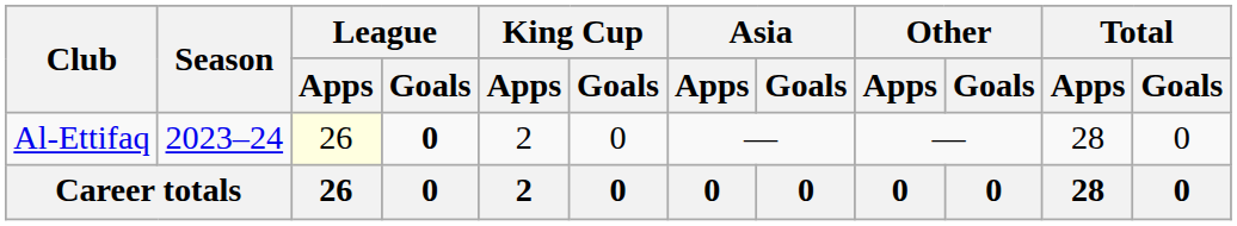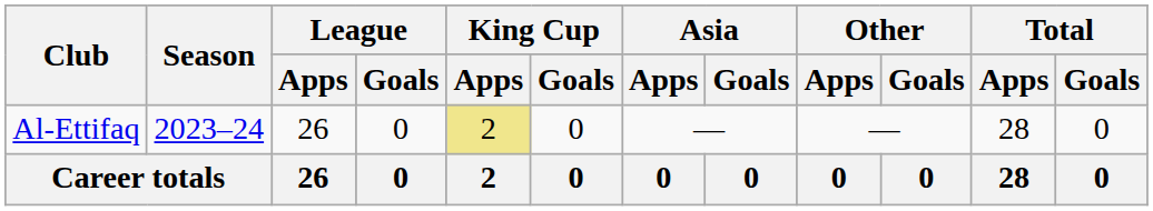 <table class="wikitable" style="text-align: center">
 <tr>
 <th rowspan=2>Club</th>
 <th rowspan=2>Season</th>
 <th colspan=2>League</th>
 <th colspan=2>King Cup</th>
 <th colspan=2>Asia</th>
 <th colspan=2>Other</th>
 <th colspan=2>Total</th>
 </tr>
 <tr>
 <th>Apps</th>
 <th>Goals</th>
 <th>Apps</th>
 <th>Goals</th>
 <th>Apps</th>
 <th>Goals</th>
 <th>Apps</th>
 <th>Goals</th>
 <th>Apps</th>
 <th>Goals</th>
 </tr>
 <tr>
 <td rowspan=1><a href='#'>Al-Ettifaq</a></td>
 <td><a href='#'>2023–24</a></td>
-<td style="background: lightyellow;">26</td>
-<td><strong>0</strong></td>
-<td>2</td>
+<td>26</td>
+<td>0</td>
+<td style="background: khaki;">2</td>
 <td>0</td>
 <td colspan=2>—</td>
 <td colspan=2>—</td>
 <td>28</td>
 <td>0</td>
 </tr>
 <tr>
 <th colspan=2>Career totals</th>
 <th>26</th>
 <th>0</th>
 <th>2</th>
 <th>0</th>
 <th>0</th>
 <th>0</th>
 <th>0</th>
 <th>0</th>
 <th>28</th>
 <th>0</th>
 </tr>
 </table>
